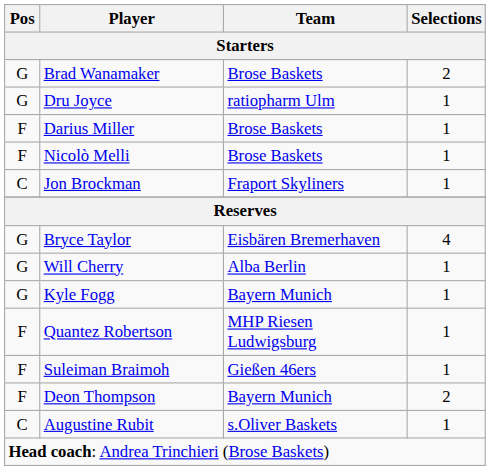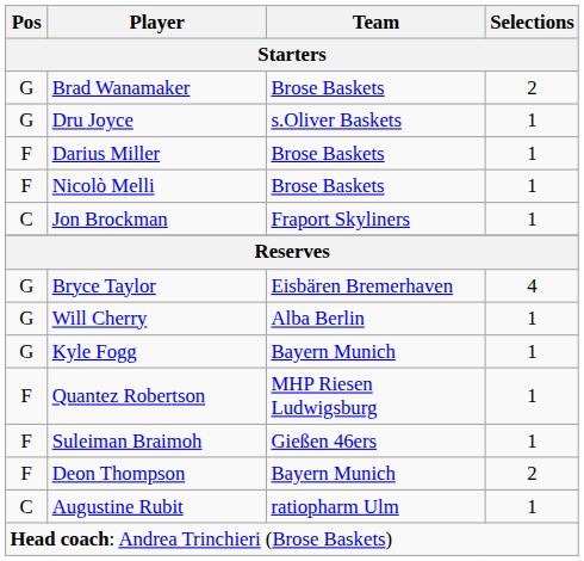 <table class="wikitable" style="text-align:center; font-size:95%;">
 <tr>
 <th scope="col" width="25px">Pos</th>
 <th scope="col" width="160px">Player</th>
 <th scope="col" width="160px">Team</th>
 <th scope="col" width="25px">Selections</th>
 </tr>
 <tr>
 <th scope="col" colspan="5">Starters</th>
 </tr>
 <tr>
 <td>G</td>
 <td style="text-align:left"> <a href='#'>Brad Wanamaker</a></td>
 <td style="text-align:left"><a href='#'>Brose Baskets</a></td>
 <td style="text-align:center">2</td>
 </tr>
 <tr>
 <td>G</td>
 <td style="text-align:left"> <a href='#'>Dru Joyce</a></td>
-<td style="text-align:left"><a href='#'>ratiopharm Ulm</a></td>
+<td style="text-align:left"><a href='#'>s.Oliver Baskets</a></td>
 <td style="text-align:center">1</td>
 </tr>
 <tr>
 <td>F</td>
 <td style="text-align:left"> <a href='#'>Darius Miller</a></td>
 <td style="text-align:left"><a href='#'>Brose Baskets</a></td>
 <td style="text-align:center">1</td>
 </tr>
 <tr>
 <td>F</td>
 <td style="text-align:left"> <a href='#'>Nicolò Melli</a></td>
 <td style="text-align:left"><a href='#'>Brose Baskets</a></td>
 <td style="text-align:center">1</td>
 </tr>
 <tr>
 <td>C</td>
 <td style="text-align:left"> <a href='#'>Jon Brockman</a></td>
 <td style="text-align:left"><a href='#'>Fraport Skyliners</a></td>
 <td style="text-align:center">1</td>
 </tr>
 <tr>
 </tr>
 <tr>
 <th scope="col" colspan="5">Reserves</th>
 </tr>
 <tr>
 <td>G</td>
 <td style="text-align:left"> <a href='#'>Bryce Taylor</a></td>
 <td style="text-align:left"><a href='#'>Eisbären Bremerhaven</a></td>
 <td style="text-align:center">4</td>
 </tr>
 <tr>
 <td>G</td>
 <td style="text-align:left"> <a href='#'>Will Cherry</a></td>
 <td style="text-align:left"><a href='#'>Alba Berlin</a></td>
 <td style="text-align:center">1</td>
 </tr>
 <tr>
 <td>G</td>
 <td style="text-align:left"> <a href='#'>Kyle Fogg</a></td>
 <td style="text-align:left"><a href='#'>Bayern Munich</a></td>
 <td style="text-align:center">1</td>
 </tr>
 <tr>
 <td>F</td>
 <td style="text-align:left"> <a href='#'>Quantez Robertson</a></td>
 <td style="text-align:left"><a href='#'>MHP Riesen Ludwigsburg</a></td>
 <td style="text-align:center">1</td>
 </tr>
 <tr>
 <td>F</td>
 <td style="text-align:left"> <a href='#'>Suleiman Braimoh</a></td>
 <td style="text-align:left"><a href='#'>Gießen 46ers</a></td>
 <td style="text-align:center">1</td>
 </tr>
 <tr>
 <td>F</td>
 <td style="text-align:left"> <a href='#'>Deon Thompson</a></td>
 <td style="text-align:left"><a href='#'>Bayern Munich</a></td>
 <td style="text-align:center">2</td>
 </tr>
 <tr>
 <td>C</td>
 <td style="text-align:left"> <a href='#'>Augustine Rubit</a></td>
-<td style="text-align:left"><a href='#'>s.Oliver Baskets</a></td>
+<td style="text-align:left"><a href='#'>ratiopharm Ulm</a></td>
 <td style="text-align:center">1</td>
 </tr>
 <tr>
 <td style="text-align:left" colspan="5"><strong>Head coach</strong>:  <a href='#'>Andrea Trinchieri</a> (<a href='#'>Brose Baskets</a>)</td>
 </tr>
 </table>
